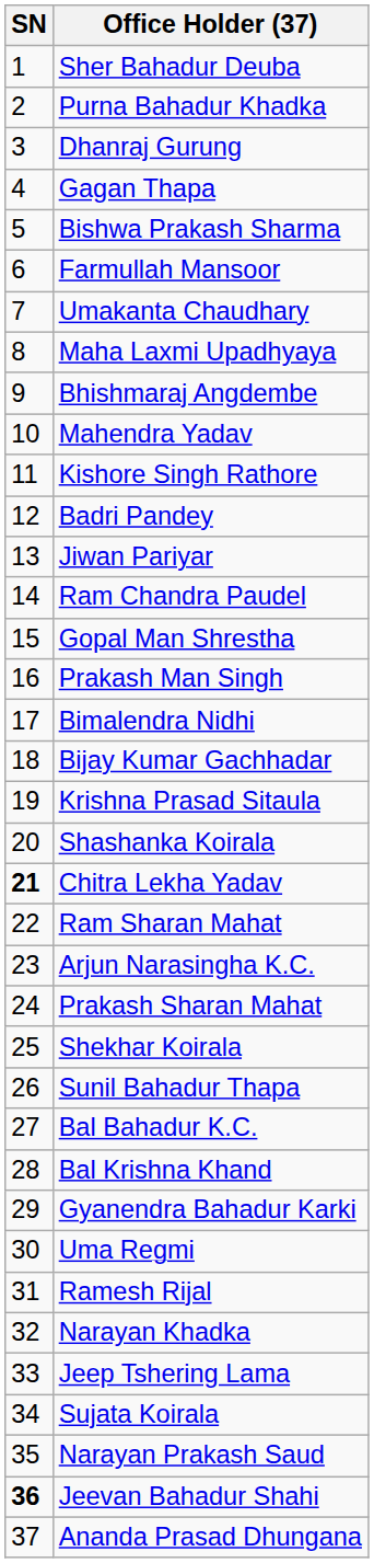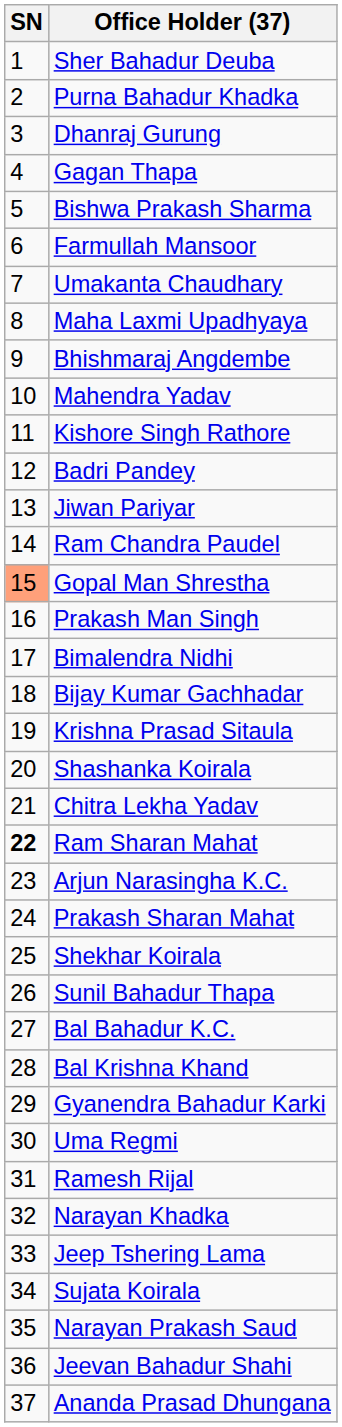 <table class="wikitable sortable">
 <tr>
 <th>SN</th>
 <th>Office Holder (37)</th>
 </tr>
 <tr>
 <td>1</td>
 <td><a href='#'>Sher Bahadur Deuba</a></td>
 </tr>
 <tr>
 <td>2</td>
 <td><a href='#'>Purna Bahadur Khadka</a></td>
 </tr>
 <tr>
 <td>3</td>
 <td><a href='#'>Dhanraj Gurung</a></td>
 </tr>
 <tr>
 <td>4</td>
 <td><a href='#'>Gagan Thapa</a></td>
 </tr>
 <tr>
 <td>5</td>
 <td><a href='#'>Bishwa Prakash Sharma</a></td>
 </tr>
 <tr>
 <td>6</td>
 <td><a href='#'>Farmullah Mansoor</a></td>
 </tr>
 <tr>
 <td>7</td>
 <td><a href='#'>Umakanta Chaudhary</a></td>
 </tr>
 <tr>
 <td>8</td>
 <td><a href='#'>Maha Laxmi Upadhyaya</a></td>
 </tr>
 <tr>
 <td>9</td>
 <td><a href='#'>Bhishmaraj Angdembe</a></td>
 </tr>
 <tr>
 <td>10</td>
 <td><a href='#'>Mahendra Yadav</a></td>
 </tr>
 <tr>
 <td>11</td>
 <td><a href='#'>Kishore Singh Rathore</a></td>
 </tr>
 <tr>
 <td>12</td>
 <td><a href='#'>Badri Pandey</a></td>
 </tr>
 <tr>
 <td>13</td>
 <td><a href='#'>Jiwan Pariyar</a></td>
 </tr>
 <tr>
 <td>14</td>
 <td><a href='#'>Ram Chandra Paudel</a></td>
 </tr>
 <tr>
-<td>15</td>
+<td style="background: lightsalmon;">15</td>
 <td><a href='#'>Gopal Man Shrestha</a></td>
 </tr>
 <tr>
 <td>16</td>
 <td><a href='#'>Prakash Man Singh</a></td>
 </tr>
 <tr>
 <td>17</td>
 <td><a href='#'>Bimalendra Nidhi</a></td>
 </tr>
 <tr>
 <td>18</td>
 <td><a href='#'>Bijay Kumar Gachhadar</a></td>
 </tr>
 <tr>
 <td>19</td>
 <td><a href='#'>Krishna Prasad Sitaula</a></td>
 </tr>
 <tr>
 <td>20</td>
 <td><a href='#'>Shashanka Koirala</a></td>
 </tr>
 <tr>
-<td><strong>21</strong></td>
+<td>21</td>
 <td><a href='#'>Chitra Lekha Yadav</a></td>
 </tr>
 <tr>
-<td>22</td>
+<td><strong>22</strong></td>
 <td><a href='#'>Ram Sharan Mahat</a></td>
 </tr>
 <tr>
 <td>23</td>
 <td><a href='#'>Arjun Narasingha K.C.</a></td>
 </tr>
 <tr>
 <td>24</td>
 <td><a href='#'>Prakash Sharan Mahat</a></td>
 </tr>
 <tr>
 <td>25</td>
 <td><a href='#'>Shekhar Koirala</a></td>
 </tr>
 <tr>
 <td>26</td>
 <td><a href='#'>Sunil Bahadur Thapa</a></td>
 </tr>
 <tr>
 <td>27</td>
 <td><a href='#'>Bal Bahadur K.C.</a></td>
 </tr>
 <tr>
 <td>28</td>
 <td><a href='#'>Bal Krishna Khand</a></td>
 </tr>
 <tr>
 <td>29</td>
 <td><a href='#'>Gyanendra Bahadur Karki</a></td>
 </tr>
 <tr>
 <td>30</td>
 <td><a href='#'>Uma Regmi</a></td>
 </tr>
 <tr>
 <td>31</td>
 <td><a href='#'>Ramesh Rijal</a></td>
 </tr>
 <tr>
 <td>32</td>
 <td><a href='#'>Narayan Khadka</a></td>
 </tr>
 <tr>
 <td>33</td>
 <td><a href='#'>Jeep Tshering Lama</a></td>
 </tr>
 <tr>
 <td>34</td>
 <td><a href='#'>Sujata Koirala</a></td>
 </tr>
 <tr>
 <td>35</td>
 <td><a href='#'>Narayan Prakash Saud</a></td>
 </tr>
 <tr>
-<td><strong>36</strong></td>
+<td>36</td>
 <td><a href='#'>Jeevan Bahadur Shahi</a></td>
 </tr>
 <tr>
 <td>37</td>
 <td><a href='#'>Ananda Prasad Dhungana</a></td>
 </tr>
 </table>
